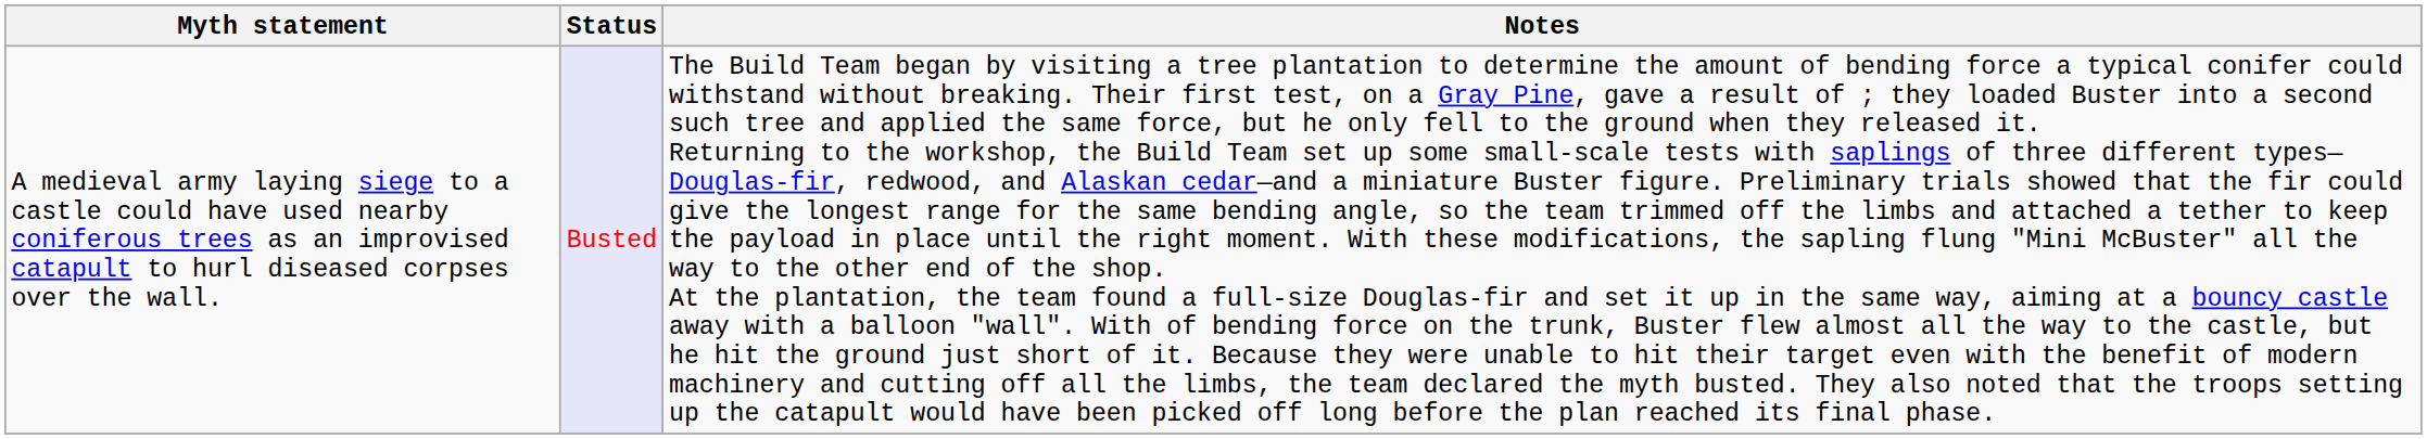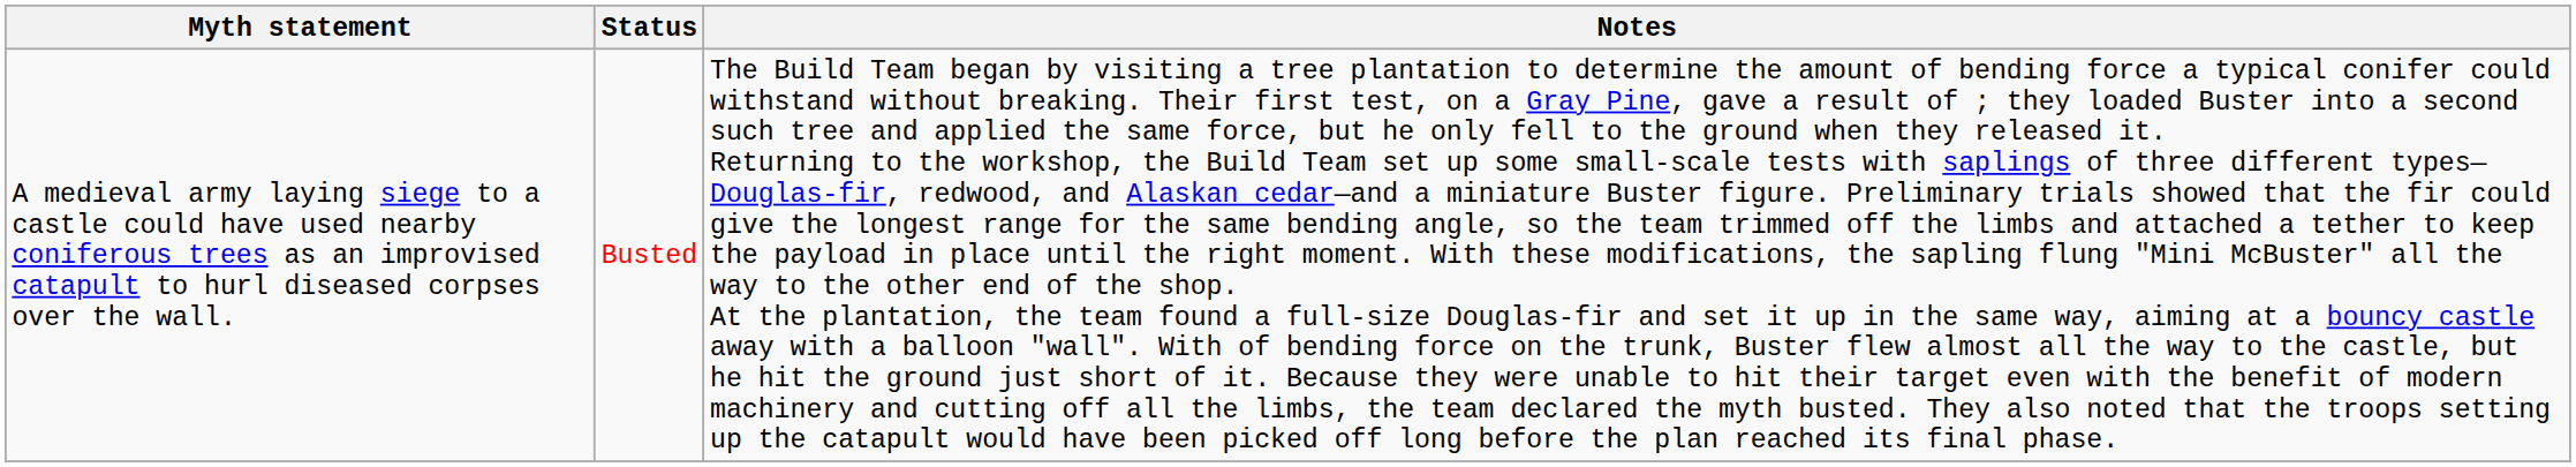 <table class="wikitable plainrowheaders">
 <tr>
 <th>Myth statement</th>
 <th>Status</th>
 <th>Notes</th>
 </tr>
 <tr>
 <td>A medieval army laying <a href='#'>siege</a> to a castle could have used nearby <a href='#'>coniferous trees</a> as an improvised <a href='#'>catapult</a> to hurl diseased corpses over the wall.</td>
-<td style="background: lavender; color:red">Busted</td>
+<td style="color:red">Busted</td>
 <td>The Build Team began by visiting a tree plantation to determine the amount of bending force a typical conifer could withstand without breaking. Their first test, on a <a href='#'>Gray Pine</a>, gave a result of ; they loaded Buster into a second such tree and applied the same force, but he only fell to the ground when they released it.<br>Returning to the workshop, the Build Team set up some small-scale tests with <a href='#'>saplings</a> of three different types—<a href='#'>Douglas-fir</a>, redwood, and <a href='#'>Alaskan cedar</a>—and a miniature Buster figure. Preliminary trials showed that the fir could give the longest range for the same bending angle, so the team trimmed off the limbs and attached a tether to keep the payload in place until the right moment. With these modifications, the sapling flung "Mini McBuster" all the way to the other end of the shop.<br>At the plantation, the team found a full-size Douglas-fir and set it up in the same way, aiming at a <a href='#'>bouncy castle</a>  away with a  balloon "wall". With  of bending force on the trunk, Buster flew almost all the way to the castle, but he hit the ground just short of it. Because they were unable to hit their target even with the benefit of modern machinery and cutting off all the limbs, the team declared the myth busted. They also noted that the troops setting up the catapult would have been picked off long before the plan reached its final phase.</td>
 </tr>
 </table>
